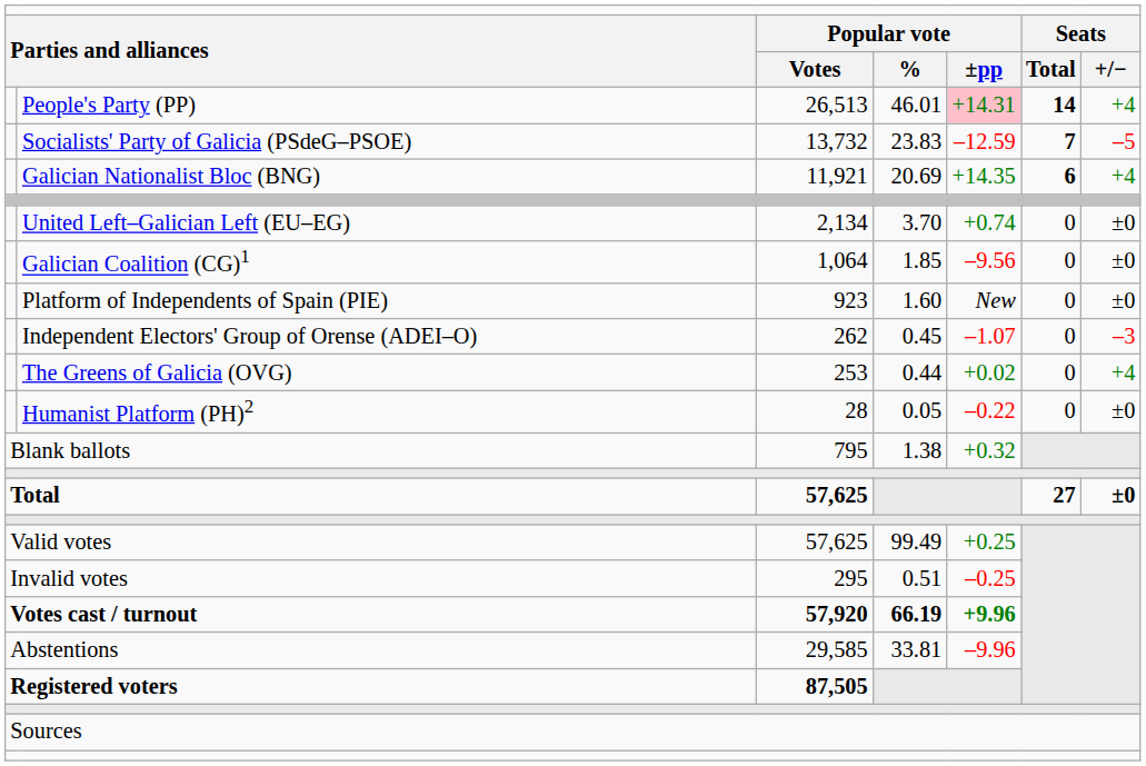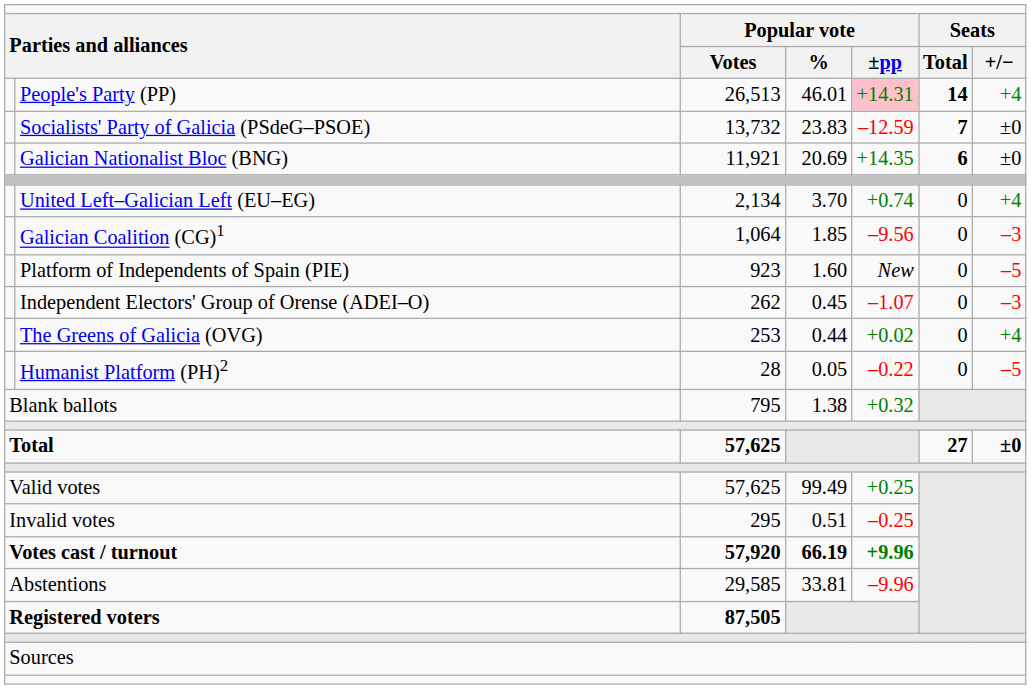 <table class="wikitable" style="text-align:right;">
 <tr>
 <td colspan="7"></td>
 </tr>
 <tr>
 <th style="text-align:left;" rowspan="2" colspan="2" width="525">Parties and alliances</th>
 <th colspan="3">Popular vote</th>
 <th colspan="2">Seats</th>
 </tr>
 <tr>
 <th width="75">Votes</th>
 <th width="45">%</th>
 <th width="45">±<a href='#'>pp</a></th>
 <th width="35">Total</th>
 <th width="35">+/−</th>
 </tr>
 <tr>
 <td width="1" style="color:inherit;background:"></td>
 <td align="left"><a href='#'>People's Party</a> (PP)</td>
 <td>26,513</td>
 <td>46.01</td>
 <td style="background: pink; color:green;">+14.31</td>
 <td><strong>14</strong></td>
 <td style="color:green;">+4</td>
 </tr>
 <tr>
 <td style="color:inherit;background:"></td>
 <td align="left"><a href='#'>Socialists' Party of Galicia</a> (PSdeG–PSOE)</td>
 <td>13,732</td>
 <td>23.83</td>
 <td style="color:red;">–12.59</td>
 <td><strong>7</strong></td>
-<td style="color:red;">–5</td>
+<td>±0</td>
 </tr>
 <tr>
 <td style="color:inherit;background:"></td>
 <td align="left"><a href='#'>Galician Nationalist Bloc</a> (BNG)</td>
 <td>11,921</td>
 <td>20.69</td>
 <td style="color:green;">+14.35</td>
 <td><strong>6</strong></td>
-<td style="color:green;">+4</td>
+<td>±0</td>
 </tr>
 <tr>
 <td colspan="7" bgcolor="#C0C0C0"></td>
 </tr>
 <tr>
 <td style="color:inherit;background:"></td>
 <td align="left"><a href='#'>United Left–Galician Left</a> (EU–EG)</td>
 <td>2,134</td>
 <td>3.70</td>
 <td style="color:green;">+0.74</td>
 <td>0</td>
-<td>±0</td>
+<td style="color:green;">+4</td>
 </tr>
 <tr>
 <td style="color:inherit;background:"></td>
 <td align="left"><a href='#'>Galician Coalition</a> (CG)<sup>1</sup></td>
 <td>1,064</td>
 <td>1.85</td>
 <td style="color:red;">–9.56</td>
 <td>0</td>
-<td>±0</td>
+<td style="color:red;">–3</td>
 </tr>
 <tr>
 <td style="color:inherit;background:"></td>
 <td align="left">Platform of Independents of Spain (PIE)</td>
 <td>923</td>
 <td>1.60</td>
 <td><em>New</em></td>
 <td>0</td>
-<td>±0</td>
+<td style="color:red;">–5</td>
 </tr>
 <tr>
 <td style="color:inherit;background:"></td>
 <td align="left">Independent Electors' Group of Orense (ADEI–O)</td>
 <td>262</td>
 <td>0.45</td>
 <td style="color:red;">–1.07</td>
 <td>0</td>
 <td style="color:red;">–3</td>
 </tr>
 <tr>
 <td style="color:inherit;background:"></td>
 <td align="left"><a href='#'>The Greens of Galicia</a> (OVG)</td>
 <td>253</td>
 <td>0.44</td>
 <td style="color:green;">+0.02</td>
 <td>0</td>
 <td style="color:green;">+4</td>
 </tr>
 <tr>
 <td style="color:inherit;background:"></td>
 <td align="left"><a href='#'>Humanist Platform</a> (PH)<sup>2</sup></td>
 <td>28</td>
 <td>0.05</td>
 <td style="color:red;">–0.22</td>
 <td>0</td>
-<td>±0</td>
+<td style="color:red;">–5</td>
 </tr>
 <tr>
 <td align="left" colspan="2">Blank ballots</td>
 <td>795</td>
 <td>1.38</td>
 <td style="color:green;">+0.32</td>
 <td bgcolor="#E9E9E9" colspan="2"></td>
 </tr>
 <tr>
 <td colspan="7" bgcolor="#E9E9E9"></td>
 </tr>
 <tr style="font-weight:bold;">
 <td align="left" colspan="2">Total</td>
 <td>57,625</td>
 <td bgcolor="#E9E9E9" colspan="2"></td>
 <td>27</td>
 <td>±0</td>
 </tr>
 <tr>
 <td colspan="7" bgcolor="#E9E9E9"></td>
 </tr>
 <tr>
 <td align="left" colspan="2">Valid votes</td>
 <td>57,625</td>
 <td>99.49</td>
 <td style="color:green;">+0.25</td>
 <td bgcolor="#E9E9E9" colspan="2" rowspan="5"></td>
 </tr>
 <tr>
 <td align="left" colspan="2">Invalid votes</td>
 <td>295</td>
 <td>0.51</td>
 <td style="color:red;">–0.25</td>
 </tr>
 <tr style="font-weight:bold;">
 <td align="left" colspan="2">Votes cast / turnout</td>
 <td>57,920</td>
 <td>66.19</td>
 <td style="color:green;">+9.96</td>
 </tr>
 <tr>
 <td align="left" colspan="2">Abstentions</td>
 <td>29,585</td>
 <td>33.81</td>
 <td style="color:red;">–9.96</td>
 </tr>
 <tr style="font-weight:bold;">
 <td align="left" colspan="2">Registered voters</td>
 <td>87,505</td>
 <td bgcolor="#E9E9E9" colspan="2"></td>
 </tr>
 <tr>
 <td colspan="7" bgcolor="#E9E9E9"></td>
 </tr>
 <tr>
 <td align="left" colspan="7">Sources</td>
 </tr>
 <tr>
 <td colspan="7" style="text-align:left; max-width:790px;"></td>
 </tr>
 </table>
